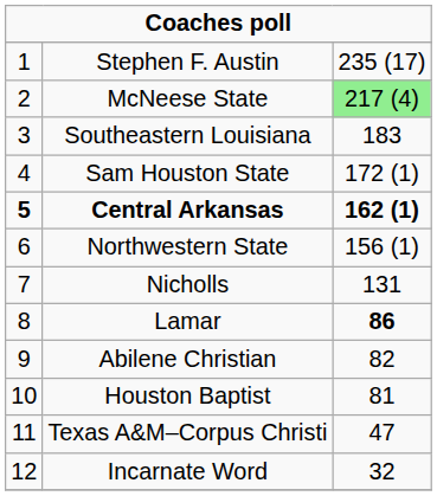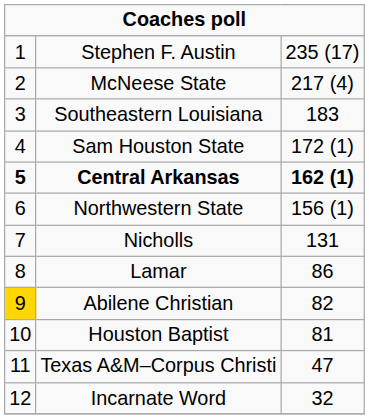 <table class="wikitable">
 <tr align="center">
 <td align="center" Colspan="3"><strong>Coaches poll</strong></td>
 </tr>
 <tr align="center">
 </tr>
 <tr align="center">
 <td>1</td>
 <td>Stephen F. Austin</td>
 <td>235 (17)</td>
 </tr>
 <tr align="center">
 <td>2</td>
 <td>McNeese State</td>
-<td style="background: lightgreen;">217 (4)</td>
+<td>217 (4)</td>
 </tr>
 <tr align="center">
 <td>3</td>
 <td>Southeastern Louisiana</td>
 <td>183</td>
 </tr>
 <tr align="center">
 <td>4</td>
 <td>Sam Houston State</td>
 <td>172 (1)</td>
 </tr>
 <tr align="center">
 <td><strong>5</strong></td>
 <td><strong>Central Arkansas</strong></td>
 <td><strong>162 (1)</strong></td>
 </tr>
 <tr align="center">
 <td>6</td>
 <td>Northwestern State</td>
 <td>156 (1)</td>
 </tr>
 <tr align="center">
 <td>7</td>
 <td>Nicholls</td>
 <td>131</td>
 </tr>
 <tr align="center">
 <td>8</td>
 <td>Lamar</td>
-<td><strong>86</strong></td>
+<td>86</td>
 </tr>
 <tr align="center">
-<td>9</td>
+<td style="background: gold;">9</td>
 <td>Abilene Christian</td>
 <td>82</td>
 </tr>
 <tr align="center">
 <td>10</td>
 <td>Houston Baptist</td>
 <td>81</td>
 </tr>
 <tr align="center">
 <td>11</td>
 <td>Texas A&M–Corpus Christi</td>
 <td>47</td>
 </tr>
 <tr align="center">
 <td>12</td>
 <td>Incarnate Word</td>
 <td>32</td>
 </tr>
 <tr align="center">
 </tr>
 </table>
